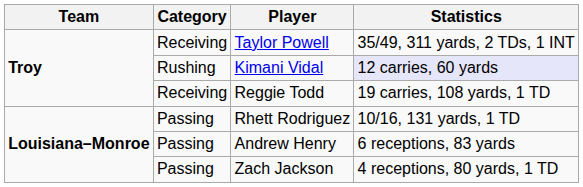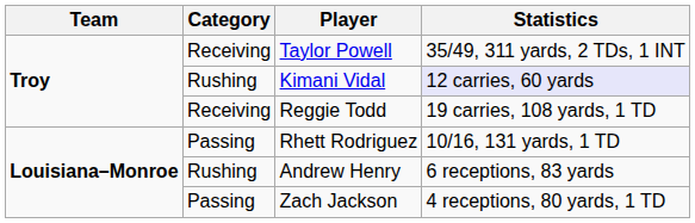 <table class="wikitable" style="float: left;">
 <tr>
 <th>Team</th>
 <th>Category</th>
 <th>Player</th>
 <th>Statistics</th>
 </tr>
 <tr>
 <td rowspan=3><strong>Troy</strong></td>
 <td>Receiving</td>
 <td><a href='#'>Taylor Powell</a></td>
 <td>35/49, 311 yards, 2 TDs, 1 INT</td>
 </tr>
 <tr>
 <td>Rushing</td>
 <td><a href='#'>Kimani Vidal</a></td>
 <td style="background: lavender;">12 carries, 60 yards</td>
 </tr>
 <tr>
 <td>Receiving</td>
 <td>Reggie Todd</td>
 <td>19 carries, 108 yards, 1 TD</td>
 </tr>
 <tr>
 <td rowspan=3><strong>Louisiana–Monroe</strong></td>
 <td>Passing</td>
 <td>Rhett Rodriguez</td>
 <td>10/16, 131 yards, 1 TD</td>
 </tr>
 <tr>
-<td>Passing</td>
+<td>Rushing</td>
 <td>Andrew Henry</td>
 <td>6 receptions, 83 yards</td>
 </tr>
 <tr>
 <td>Passing</td>
 <td>Zach Jackson</td>
 <td>4 receptions, 80 yards, 1 TD</td>
 </tr>
 </table>
